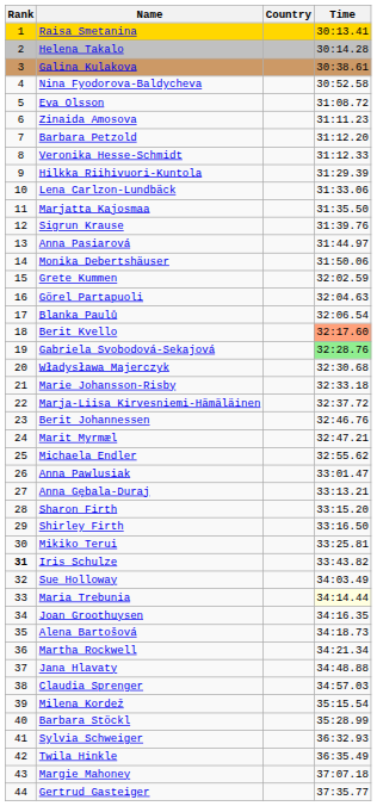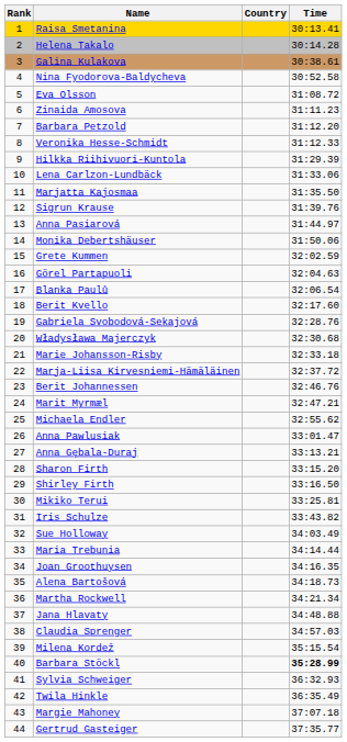 <table class="wikitable sortable" style="text-align:center">
 <tr>
 <th>Rank</th>
 <th>Name</th>
 <th>Country</th>
 <th>Time</th>
 </tr>
 <tr bgcolor=gold>
 <td>1</td>
 <td align="left"><a href='#'>Raisa Smetanina</a></td>
 <td align="left"></td>
 <td>30:13.41</td>
 </tr>
 <tr bgcolor=silver>
 <td>2</td>
 <td align="left"><a href='#'>Helena Takalo</a></td>
 <td align="left"></td>
 <td>30:14.28</td>
 </tr>
 <tr bgcolor=#CC9966>
 <td>3</td>
 <td align="left"><a href='#'>Galina Kulakova</a></td>
 <td align="left"></td>
 <td>30:38.61</td>
 </tr>
 <tr>
 <td>4</td>
 <td align="left"><a href='#'>Nina Fyodorova-Baldycheva</a></td>
 <td align="left"></td>
 <td>30:52.58</td>
 </tr>
 <tr>
 <td>5</td>
 <td align="left"><a href='#'>Eva Olsson</a></td>
 <td align="left"></td>
 <td>31:08.72</td>
 </tr>
 <tr>
 <td>6</td>
 <td align="left"><a href='#'>Zinaida Amosova</a></td>
 <td align="left"></td>
 <td>31:11.23</td>
 </tr>
 <tr>
 <td>7</td>
 <td align="left"><a href='#'>Barbara Petzold</a></td>
 <td align="left"></td>
 <td>31:12.20</td>
 </tr>
 <tr>
 <td>8</td>
 <td align="left"><a href='#'>Veronika Hesse-Schmidt</a></td>
 <td align="left"></td>
 <td>31:12.33</td>
 </tr>
 <tr>
 <td>9</td>
 <td align="left"><a href='#'>Hilkka Riihivuori-Kuntola</a></td>
 <td align="left"></td>
 <td>31:29.39</td>
 </tr>
 <tr>
 <td>10</td>
 <td align="left"><a href='#'>Lena Carlzon-Lundbäck</a></td>
 <td align="left"></td>
 <td>31:33.06</td>
 </tr>
 <tr>
 <td>11</td>
 <td align="left"><a href='#'>Marjatta Kajosmaa</a></td>
 <td align="left"></td>
 <td>31:35.50</td>
 </tr>
 <tr>
 <td>12</td>
 <td align="left"><a href='#'>Sigrun Krause</a></td>
 <td align="left"></td>
 <td>31:39.76</td>
 </tr>
 <tr>
 <td>13</td>
 <td align="left"><a href='#'>Anna Pasiarová</a></td>
 <td align="left"></td>
 <td>31:44.97</td>
 </tr>
 <tr>
 <td>14</td>
 <td align="left"><a href='#'>Monika Debertshäuser</a></td>
 <td align="left"></td>
 <td>31:50.06</td>
 </tr>
 <tr>
 <td>15</td>
 <td align="left"><a href='#'>Grete Kummen</a></td>
 <td align="left"></td>
 <td>32:02.59</td>
 </tr>
 <tr>
 <td>16</td>
 <td align="left"><a href='#'>Görel Partapuoli</a></td>
 <td align="left"></td>
 <td>32:04.63</td>
 </tr>
 <tr>
 <td>17</td>
 <td align="left"><a href='#'>Blanka Paulů</a></td>
 <td align="left"></td>
 <td>32:06.54</td>
 </tr>
 <tr>
 <td>18</td>
 <td align="left"><a href='#'>Berit Kvello</a></td>
 <td align="left"></td>
-<td style="background: lightsalmon;">32:17.60</td>
+<td>32:17.60</td>
 </tr>
 <tr>
 <td>19</td>
 <td align="left"><a href='#'>Gabriela Svobodová-Sekajová</a></td>
 <td align="left"></td>
-<td style="background: lightgreen;">32:28.76</td>
+<td>32:28.76</td>
 </tr>
 <tr>
 <td>20</td>
 <td align="left"><a href='#'>Władysława Majerczyk</a></td>
 <td align="left"></td>
 <td>32:30.68</td>
 </tr>
 <tr>
 <td>21</td>
 <td align="left"><a href='#'>Marie Johansson-Risby</a></td>
 <td align="left"></td>
 <td>32:33.18</td>
 </tr>
 <tr>
 <td>22</td>
 <td align="left"><a href='#'>Marja-Liisa Kirvesniemi-Hämäläinen</a></td>
 <td align="left"></td>
 <td>32:37.72</td>
 </tr>
 <tr>
 <td>23</td>
 <td align="left"><a href='#'>Berit Johannessen</a></td>
 <td align="left"></td>
 <td>32:46.76</td>
 </tr>
 <tr>
 <td>24</td>
 <td align="left"><a href='#'>Marit Myrmæl</a></td>
 <td align="left"></td>
 <td>32:47.21</td>
 </tr>
 <tr>
 <td>25</td>
 <td align="left"><a href='#'>Michaela Endler</a></td>
 <td align="left"></td>
 <td>32:55.62</td>
 </tr>
 <tr>
 <td>26</td>
 <td align="left"><a href='#'>Anna Pawlusiak</a></td>
 <td align="left"></td>
 <td>33:01.47</td>
 </tr>
 <tr>
 <td>27</td>
 <td align="left"><a href='#'>Anna Gębala-Duraj</a></td>
 <td align="left"></td>
 <td>33:13.21</td>
 </tr>
 <tr>
 <td>28</td>
 <td align="left"><a href='#'>Sharon Firth</a></td>
 <td align="left"></td>
 <td>33:15.20</td>
 </tr>
 <tr>
 <td>29</td>
 <td align="left"><a href='#'>Shirley Firth</a></td>
 <td align="left"></td>
 <td>33:16.50</td>
 </tr>
 <tr>
 <td>30</td>
 <td align="left"><a href='#'>Mikiko Terui</a></td>
 <td align="left"></td>
 <td>33:25.81</td>
 </tr>
 <tr>
-<td><strong>31</strong></td>
+<td>31</td>
 <td align="left"><a href='#'>Iris Schulze</a></td>
 <td align="left"></td>
 <td>33:43.82</td>
 </tr>
 <tr>
 <td>32</td>
 <td align="left"><a href='#'>Sue Holloway</a></td>
 <td align="left"></td>
 <td>34:03.49</td>
 </tr>
 <tr>
 <td>33</td>
 <td align="left"><a href='#'>Maria Trebunia</a></td>
 <td align="left"></td>
-<td style="background: lightyellow;">34:14.44</td>
+<td>34:14.44</td>
 </tr>
 <tr>
 <td>34</td>
 <td align="left"><a href='#'>Joan Groothuysen</a></td>
 <td align="left"></td>
 <td>34:16.35</td>
 </tr>
 <tr>
 <td>35</td>
 <td align="left"><a href='#'>Alena Bartošová</a></td>
 <td align="left"></td>
 <td>34:18.73</td>
 </tr>
 <tr>
 <td>36</td>
 <td align="left"><a href='#'>Martha Rockwell</a></td>
 <td align="left"></td>
 <td>34:21.34</td>
 </tr>
 <tr>
 <td>37</td>
 <td align="left"><a href='#'>Jana Hlavaty</a></td>
 <td align="left"></td>
 <td>34:48.88</td>
 </tr>
 <tr>
 <td>38</td>
 <td align="left"><a href='#'>Claudia Sprenger</a></td>
 <td align="left"></td>
 <td>34:57.03</td>
 </tr>
 <tr>
 <td>39</td>
 <td align="left"><a href='#'>Milena Kordež</a></td>
 <td align="left"></td>
 <td>35:15.54</td>
 </tr>
 <tr>
 <td>40</td>
 <td align="left"><a href='#'>Barbara Stöckl</a></td>
 <td align="left"></td>
-<td>35:28.99</td>
+<td><strong>35:28.99</strong></td>
 </tr>
 <tr>
 <td>41</td>
 <td align="left"><a href='#'>Sylvia Schweiger</a></td>
 <td align="left"></td>
 <td>36:32.93</td>
 </tr>
 <tr>
 <td>42</td>
 <td align="left"><a href='#'>Twila Hinkle</a></td>
 <td align="left"></td>
 <td>36:35.49</td>
 </tr>
 <tr>
 <td>43</td>
 <td align="left"><a href='#'>Margie Mahoney</a></td>
 <td align="left"></td>
 <td>37:07.18</td>
 </tr>
 <tr>
 <td>44</td>
 <td align="left"><a href='#'>Gertrud Gasteiger</a></td>
 <td align="left"></td>
 <td>37:35.77</td>
 </tr>
 </table>
